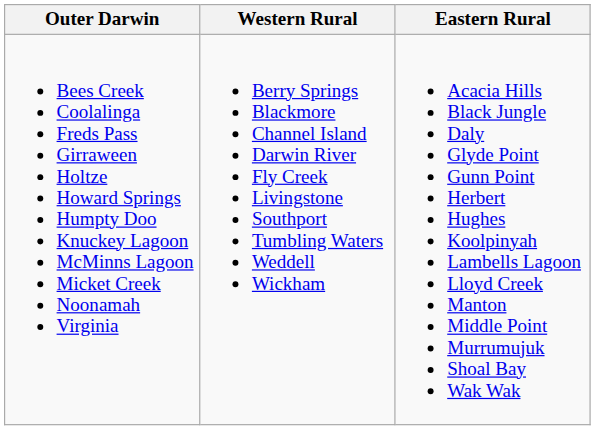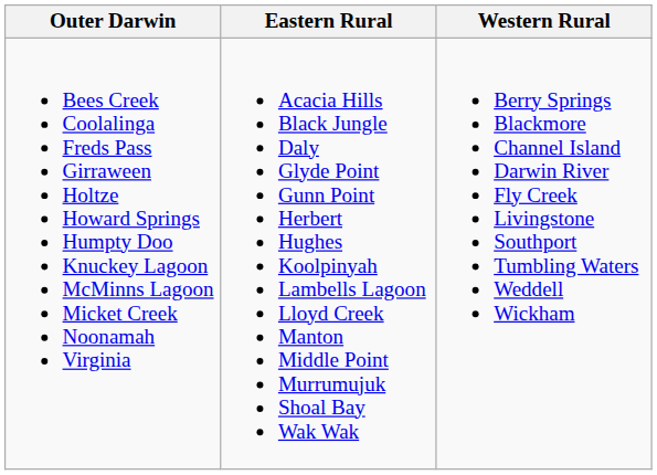 <table class=wikitable>
 <tr>
 <th>Outer Darwin</th>
+<th>Eastern Rural</th>
 <th>Western Rural</th>
-<th>Eastern Rural</th>
 </tr>
 <tr>
 <td width=33% valign=top><br><ul><li><a href='#'>Bees Creek</a></li><li><a href='#'>Coolalinga</a></li><li><a href='#'>Freds Pass</a></li><li><a href='#'>Girraween</a></li><li><a href='#'>Holtze</a></li><li><a href='#'>Howard Springs</a></li><li><a href='#'>Humpty Doo</a></li><li><a href='#'>Knuckey Lagoon</a></li><li><a href='#'>McMinns Lagoon</a></li><li><a href='#'>Micket Creek</a></li><li><a href='#'>Noonamah</a></li><li><a href='#'>Virginia</a></li></ul></td>
+<td width=33% valign=top><br><ul><li><a href='#'>Acacia Hills</a></li><li><a href='#'>Black Jungle</a></li><li><a href='#'>Daly</a></li><li><a href='#'>Glyde Point</a></li><li><a href='#'>Gunn Point</a></li><li><a href='#'>Herbert</a></li><li><a href='#'>Hughes</a></li><li><a href='#'>Koolpinyah</a></li><li><a href='#'>Lambells Lagoon</a></li><li><a href='#'>Lloyd Creek</a></li><li><a href='#'>Manton</a></li><li><a href='#'>Middle Point</a></li><li><a href='#'>Murrumujuk</a></li><li><a href='#'>Shoal Bay</a></li><li><a href='#'>Wak Wak</a></li></ul></td>
 <td width=33% valign=top><br><ul><li><a href='#'>Berry Springs</a></li><li><a href='#'>Blackmore</a></li><li><a href='#'>Channel Island</a></li><li><a href='#'>Darwin River</a></li><li><a href='#'>Fly Creek</a></li><li><a href='#'>Livingstone</a></li><li><a href='#'>Southport</a></li><li><a href='#'>Tumbling Waters</a></li><li><a href='#'>Weddell</a></li><li><a href='#'>Wickham</a></li></ul></td>
-<td width=33% valign=top><br><ul><li><a href='#'>Acacia Hills</a></li><li><a href='#'>Black Jungle</a></li><li><a href='#'>Daly</a></li><li><a href='#'>Glyde Point</a></li><li><a href='#'>Gunn Point</a></li><li><a href='#'>Herbert</a></li><li><a href='#'>Hughes</a></li><li><a href='#'>Koolpinyah</a></li><li><a href='#'>Lambells Lagoon</a></li><li><a href='#'>Lloyd Creek</a></li><li><a href='#'>Manton</a></li><li><a href='#'>Middle Point</a></li><li><a href='#'>Murrumujuk</a></li><li><a href='#'>Shoal Bay</a></li><li><a href='#'>Wak Wak</a></li></ul></td>
 </tr>
 </table>
